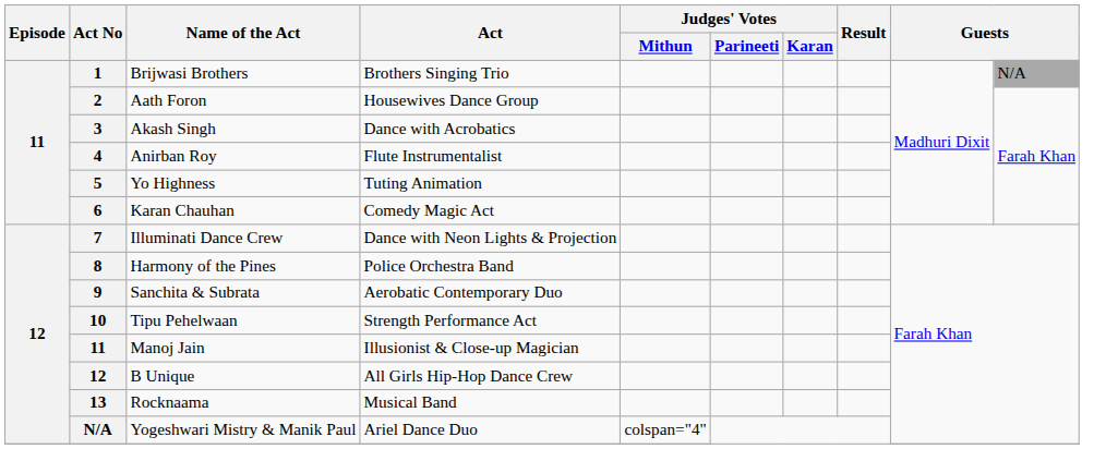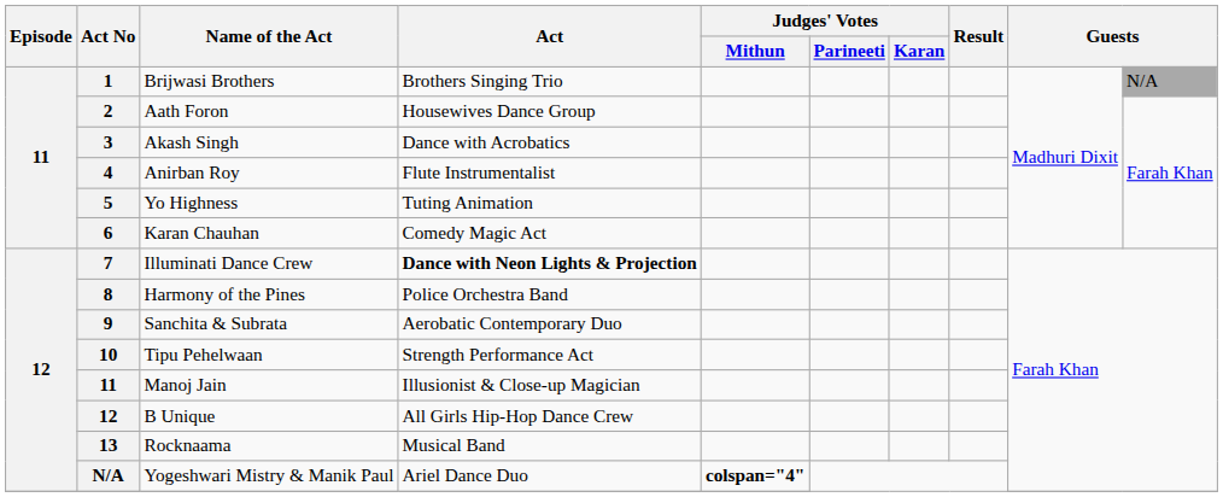 <table class="wikitable sortable mw-collapsible" style="font-size: 90%;">
 <tr>
 <th rowspan="2">Episode</th>
 <th rowspan="2">Act No</th>
 <th rowspan="2">Name of the Act</th>
 <th rowspan="2">Act</th>
 <th colspan="3">Judges' Votes</th>
 <th rowspan="2">Result</th>
 <th colspan="2" rowspan="2">Guests</th>
 </tr>
 <tr>
 <th><a href='#'>Mithun</a></th>
 <th><a href='#'>Parineeti</a></th>
 <th><a href='#'>Karan</a></th>
 </tr>
 <tr>
 <th rowspan="6">11</th>
 <th>1</th>
 <td>Brijwasi Brothers</td>
 <td>Brothers Singing Trio</td>
 <td></td>
 <td></td>
 <td></td>
 <td></td>
 <td rowspan="6"><a href='#'>Madhuri Dixit</a></td>
 <td bgcolor="darkgray">N/A</td>
 </tr>
 <tr>
 <th>2</th>
 <td>Aath Foron</td>
 <td>Housewives Dance Group</td>
 <td></td>
 <td></td>
 <td></td>
 <td></td>
 <td rowspan="5"><a href='#'>Farah Khan</a></td>
 </tr>
 <tr>
 <th>3</th>
 <td>Akash Singh</td>
 <td>Dance with Acrobatics</td>
 <td></td>
 <td></td>
 <td></td>
 <td></td>
 </tr>
 <tr>
 <th>4</th>
 <td>Anirban Roy</td>
 <td>Flute Instrumentalist</td>
 <td></td>
 <td></td>
 <td></td>
 <td></td>
 </tr>
 <tr>
 <th>5</th>
 <td>Yo Highness</td>
 <td>Tuting Animation</td>
 <td></td>
 <td></td>
 <td></td>
 <td></td>
 </tr>
 <tr>
 <th>6</th>
 <td>Karan Chauhan</td>
 <td>Comedy Magic Act</td>
 <td></td>
 <td></td>
 <td></td>
 <td></td>
 </tr>
 <tr>
 <th rowspan="8">12</th>
 <th>7</th>
 <td>Illuminati Dance Crew</td>
-<td>Dance with Neon Lights & Projection</td>
+<td><strong>Dance with Neon Lights & Projection</strong></td>
 <td></td>
 <td></td>
 <td></td>
 <td></td>
 <td colspan="2" rowspan="8"><a href='#'>Farah Khan</a></td>
 </tr>
 <tr>
 <th>8</th>
 <td>Harmony of the Pines</td>
 <td>Police Orchestra Band</td>
 <td></td>
 <td></td>
 <td></td>
 <td></td>
 </tr>
 <tr>
 <th>9</th>
 <td>Sanchita & Subrata</td>
 <td>Aerobatic Contemporary Duo</td>
 <td></td>
 <td></td>
 <td></td>
 <td></td>
 </tr>
 <tr>
 <th>10</th>
 <td>Tipu Pehelwaan</td>
 <td>Strength Performance Act</td>
 <td></td>
 <td></td>
 <td></td>
 <td></td>
 </tr>
 <tr>
 <th>11</th>
 <td>Manoj Jain</td>
 <td>Illusionist & Close-up Magician</td>
 <td></td>
 <td></td>
 <td></td>
 <td></td>
 </tr>
 <tr>
 <th>12</th>
 <td>B Unique</td>
 <td>All Girls Hip-Hop Dance Crew</td>
 <td></td>
 <td></td>
 <td></td>
 <td></td>
 </tr>
 <tr>
 <th>13</th>
 <td>Rocknaama</td>
 <td>Musical Band</td>
 <td></td>
 <td></td>
 <td></td>
 <td></td>
 </tr>
 <tr>
 <th>N/A</th>
 <td>Yogeshwari Mistry & Manik Paul</td>
 <td>Ariel Dance Duo</td>
-<td>colspan="4"  </td>
+<td><strong>colspan="4"  </strong></td>
 </tr>
 <tr>
 </tr>
 </table>
